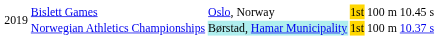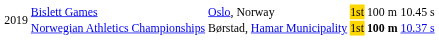 <table>
 <tr>
 <td rowspan=2>2019</td>
 <td><a href='#'>Bislett Games</a></td>
 <td><a href='#'>Oslo</a>, Norway</td>
 <td bgcolor="gold">1st</td>
 <td>100 m</td>
 <td>10.45 s</td>
 </tr>
 <tr>
 <td><a href='#'>Norwegian Athletics Championships</a></td>
-<td style="background: paleturquoise;">Børstad, <a href='#'>Hamar Municipality</a></td>
+<td>Børstad, <a href='#'>Hamar Municipality</a></td>
 <td bgcolor="gold">1st</td>
-<td>100 m</td>
+<td><strong>100 m</strong></td>
 <td><a href='#'>10.37 s</a></td>
 </tr>
 </table>
